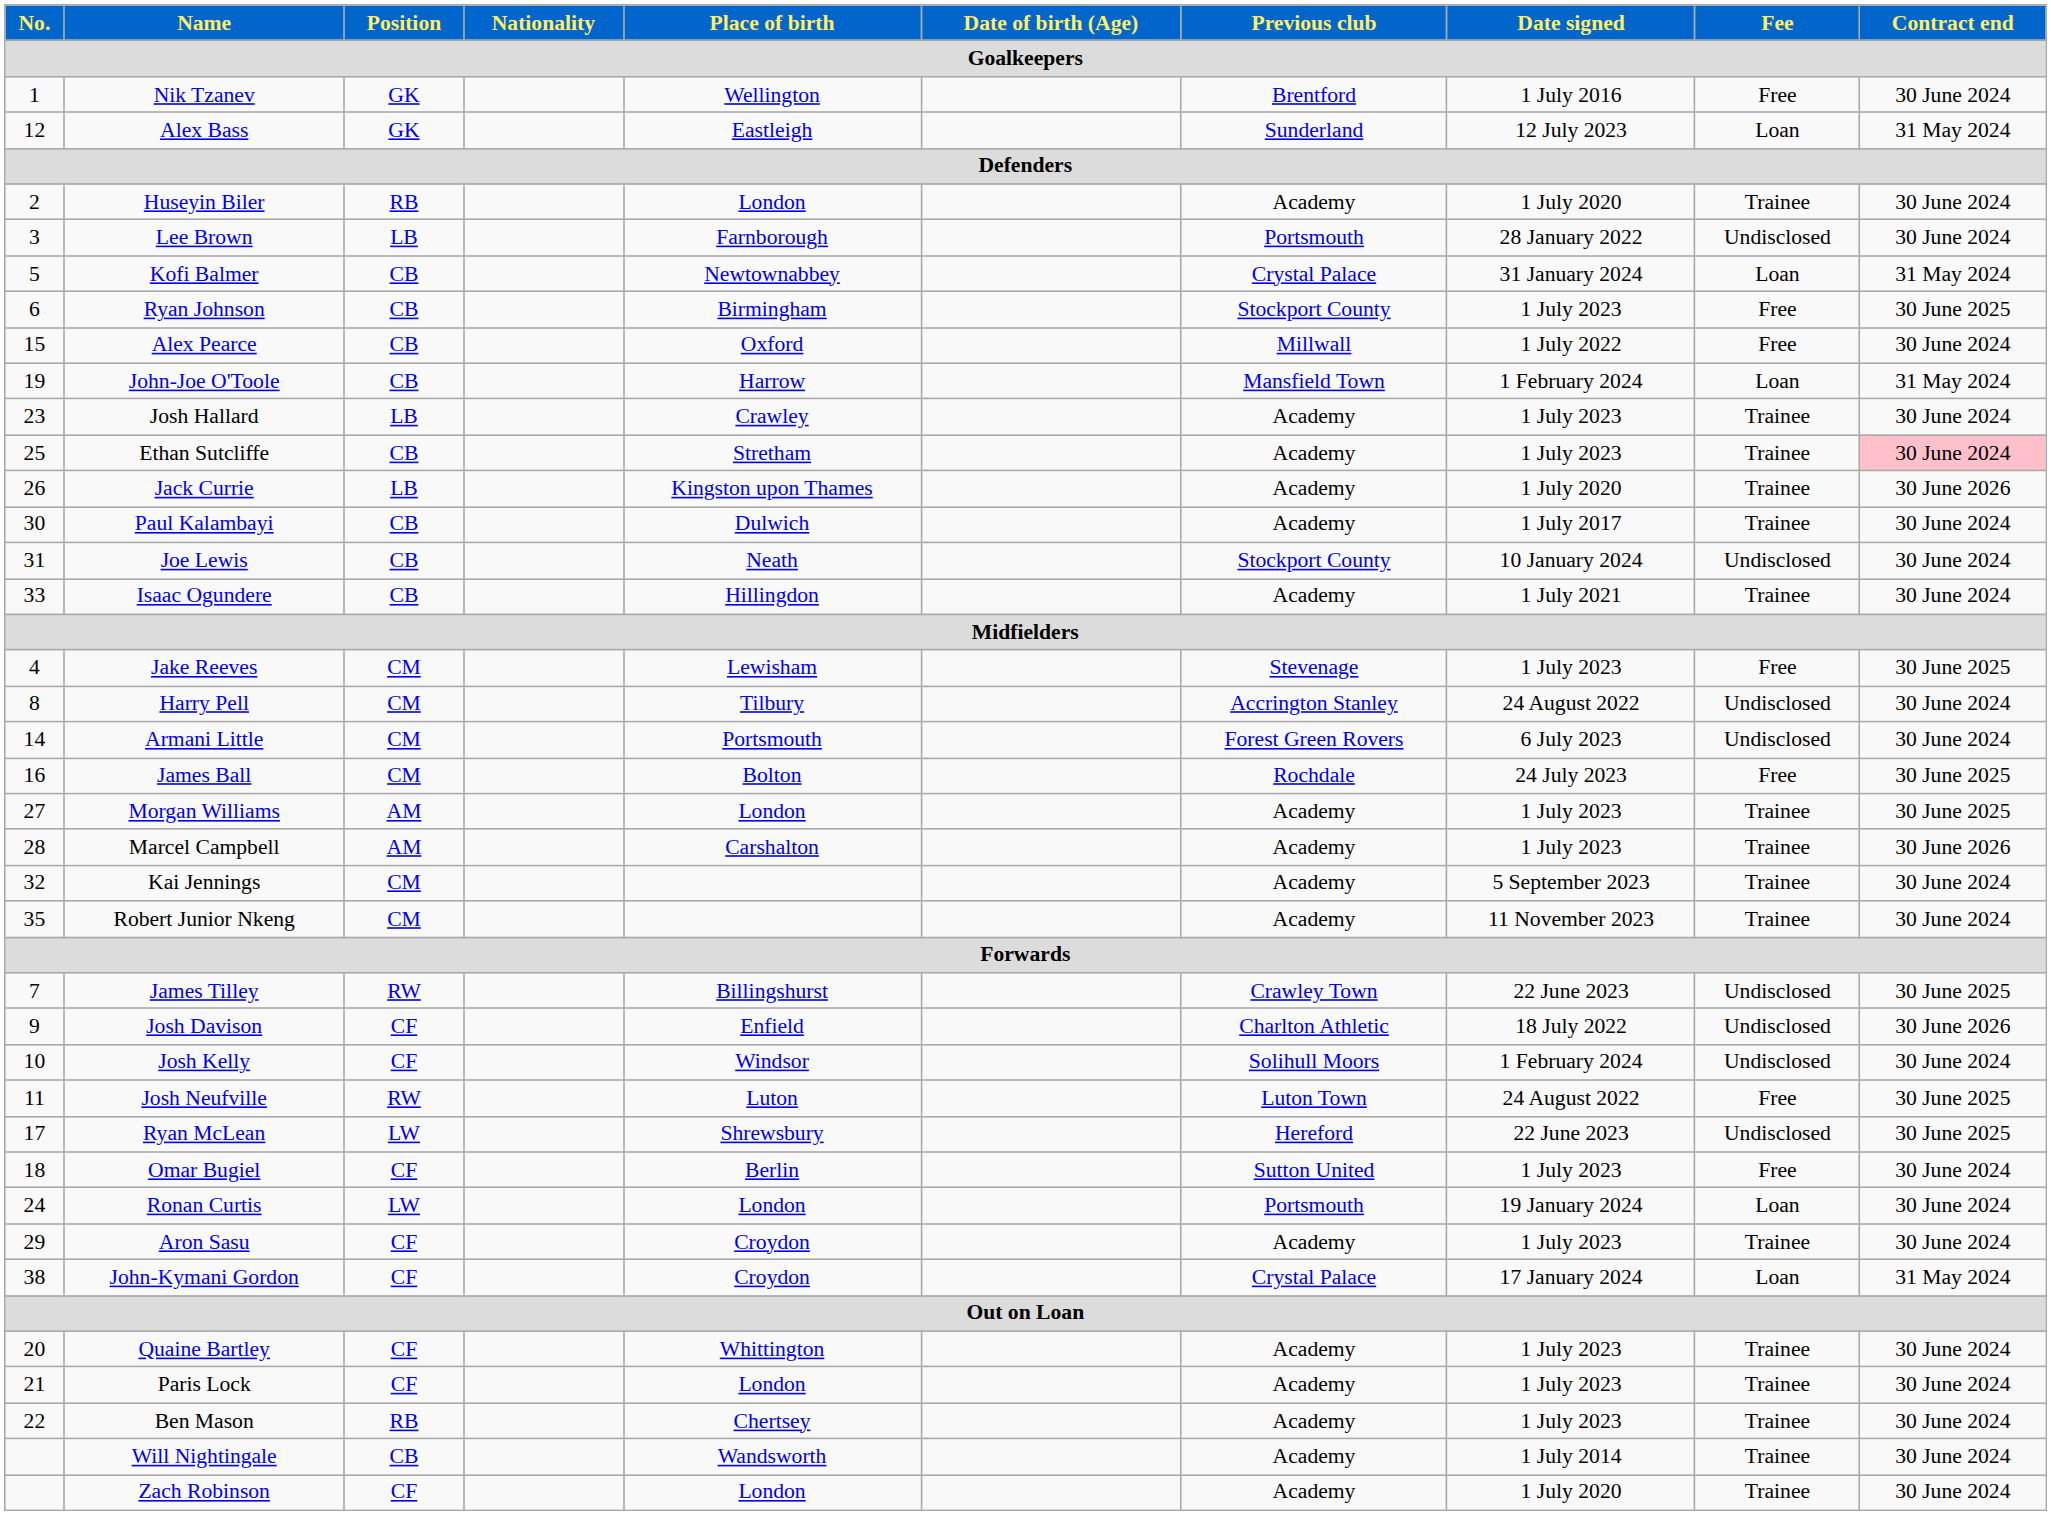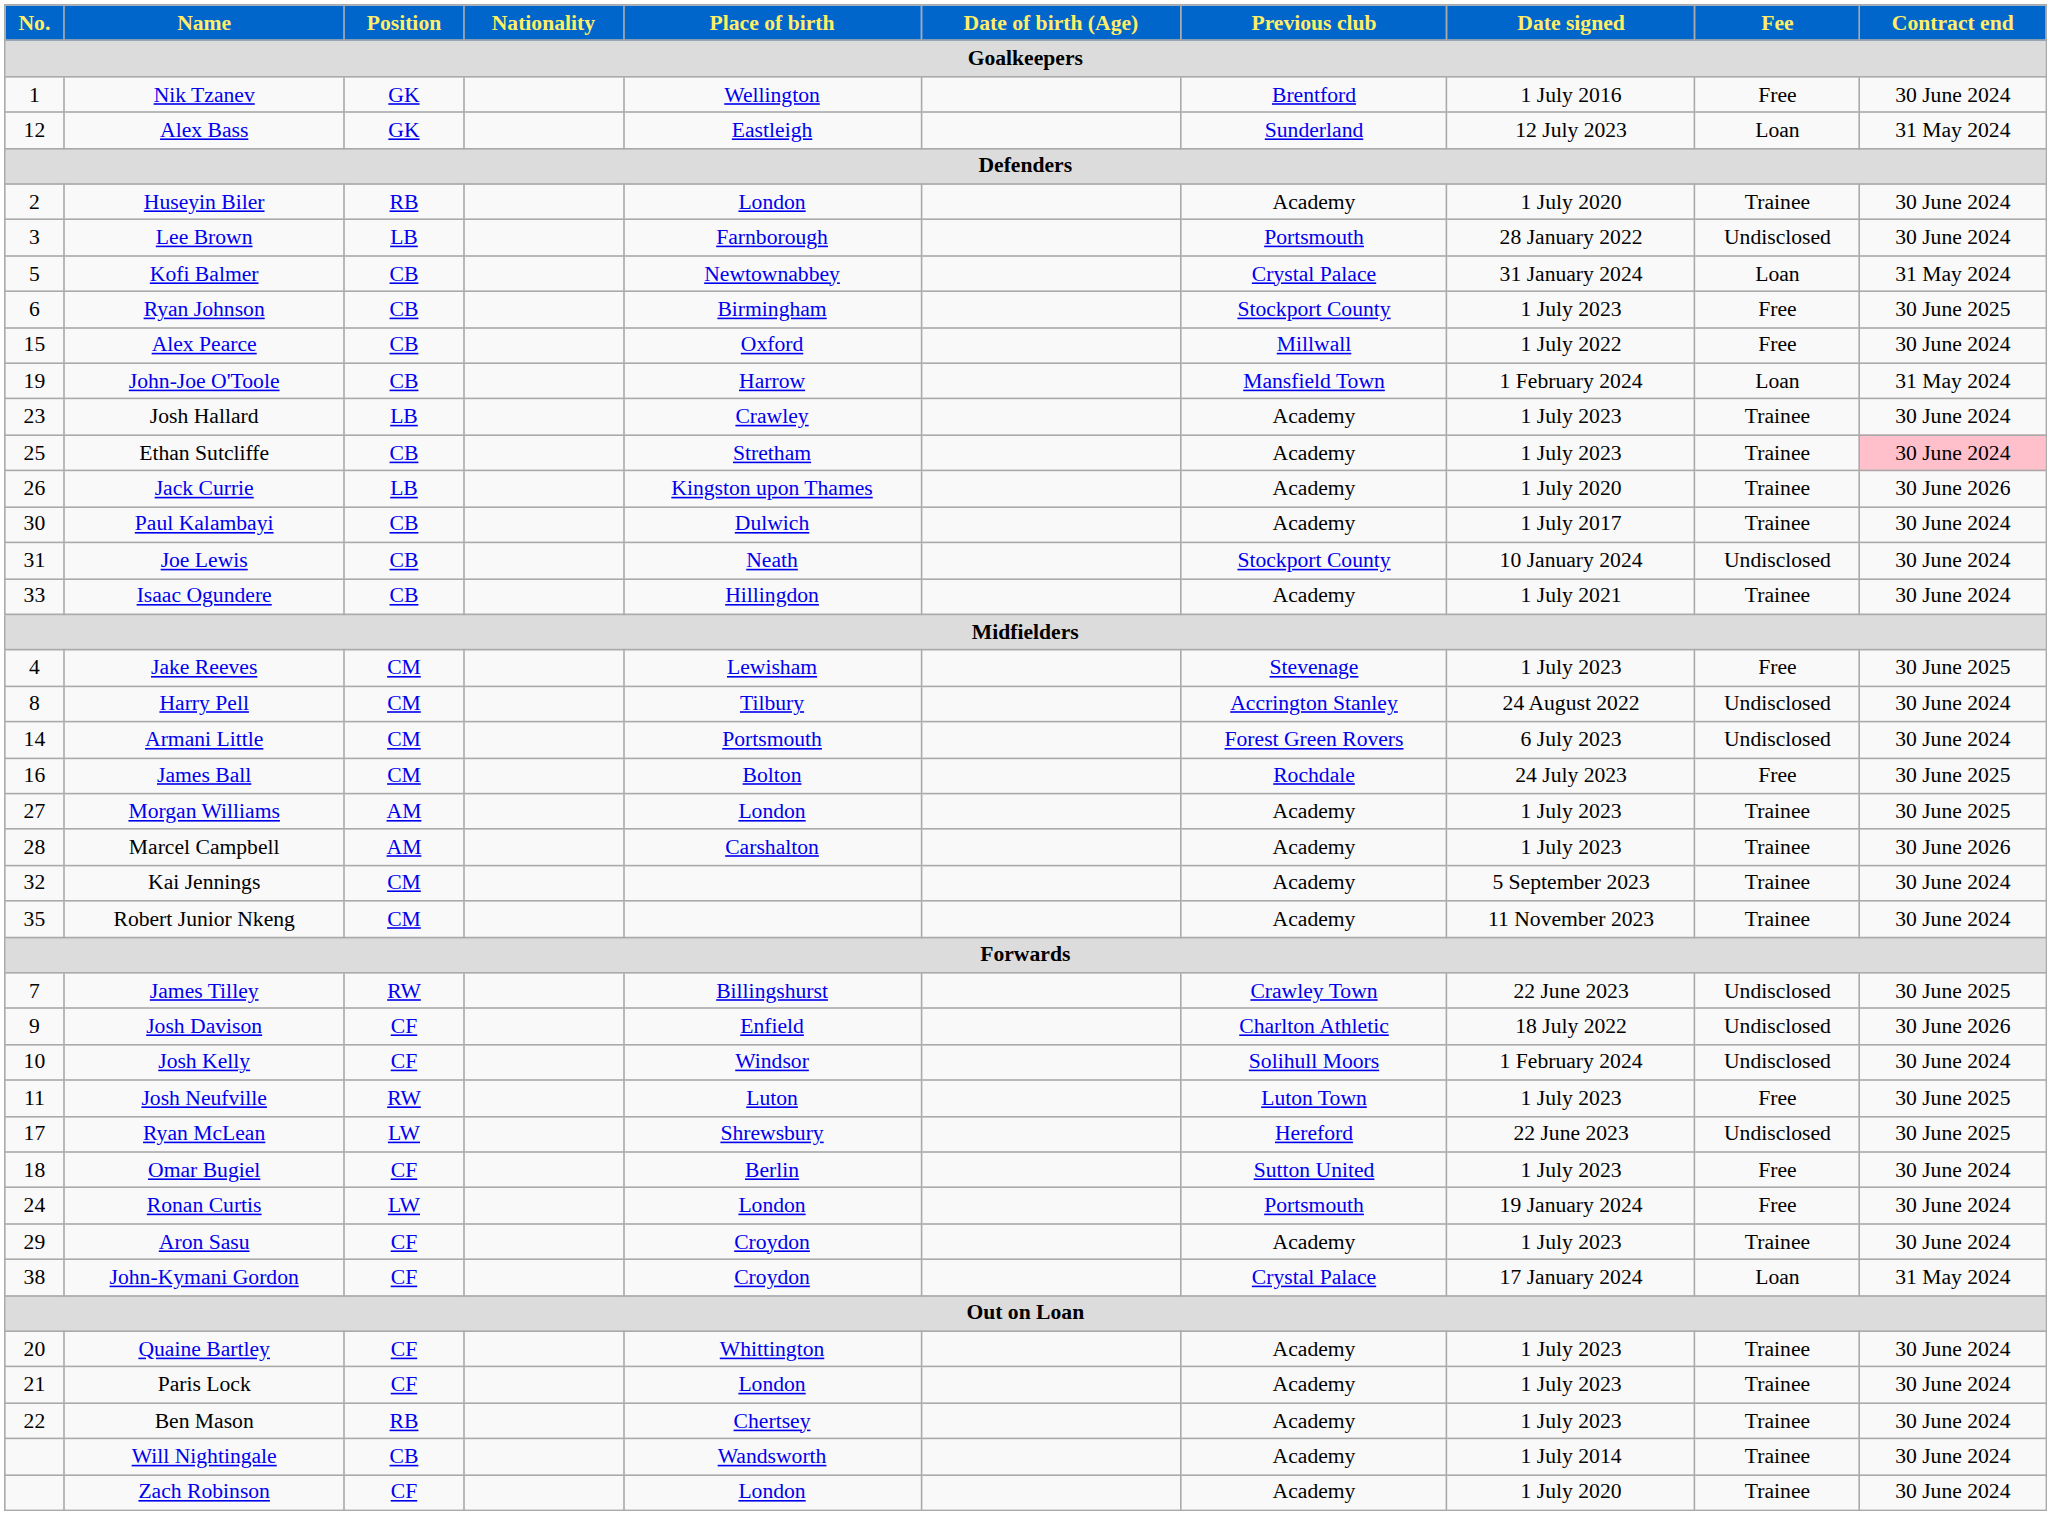 <table class="wikitable" style="text-align:center; font-size:84.5%; width:101%;">
 <tr>
 <th style="background:#0066cb; color:#fe6; text-align:center;">No.</th>
 <th style="background:#0066cb; color:#fe6; text-align:center;">Name</th>
 <th style="background:#0066cb; color:#fe6; text-align:center;">Position</th>
 <th style="background:#0066cb; color:#fe6; text-align:center;">Nationality</th>
 <th style="background:#0066cb; color:#fe6; text-align:center;">Place of birth</th>
 <th style="background:#0066cb; color:#fe6; text-align:center;">Date of birth (Age)</th>
 <th style="background:#0066cb; color:#fe6; text-align:center;">Previous club</th>
 <th style="background:#0066cb; color:#fe6; text-align:center;">Date signed</th>
 <th style="background:#0066cb; color:#fe6; text-align:center;">Fee</th>
 <th style="background:#0066cb; color:#fe6; text-align:center;">Contract end</th>
 </tr>
 <tr>
 <th colspan="14" style="background:#dcdcdc; tepxt-align:center;">Goalkeepers</th>
 </tr>
 <tr>
 <td>1</td>
 <td><a href='#'>Nik Tzanev</a></td>
 <td><a href='#'>GK</a></td>
 <td></td>
 <td><a href='#'>Wellington</a></td>
 <td></td>
 <td><a href='#'>Brentford</a></td>
 <td>1 July 2016</td>
 <td>Free</td>
 <td>30 June 2024</td>
 </tr>
 <tr>
 <td>12</td>
 <td><a href='#'>Alex Bass</a></td>
 <td><a href='#'>GK</a></td>
 <td></td>
 <td><a href='#'>Eastleigh</a></td>
 <td></td>
 <td><a href='#'>Sunderland</a></td>
 <td>12 July 2023</td>
 <td>Loan</td>
 <td>31 May 2024</td>
 </tr>
 <tr>
 <th colspan="14" style="background:#dcdcdc; tepxt-align:center;">Defenders</th>
 </tr>
 <tr>
 <td>2</td>
 <td><a href='#'>Huseyin Biler</a></td>
 <td><a href='#'>RB</a></td>
 <td></td>
 <td><a href='#'>London</a></td>
 <td></td>
 <td>Academy</td>
 <td>1 July 2020</td>
 <td>Trainee</td>
 <td>30 June 2024</td>
 </tr>
 <tr>
 <td>3</td>
 <td><a href='#'>Lee Brown</a></td>
 <td><a href='#'>LB</a></td>
 <td></td>
 <td><a href='#'>Farnborough</a></td>
 <td></td>
 <td><a href='#'>Portsmouth</a></td>
 <td>28 January 2022</td>
 <td>Undisclosed</td>
 <td>30 June 2024</td>
 </tr>
 <tr>
 <td>5</td>
 <td><a href='#'>Kofi Balmer</a></td>
 <td><a href='#'>CB</a></td>
 <td></td>
 <td><a href='#'>Newtownabbey</a></td>
 <td></td>
 <td><a href='#'>Crystal Palace</a></td>
 <td>31 January 2024</td>
 <td>Loan</td>
 <td>31 May 2024</td>
 </tr>
 <tr>
 <td>6</td>
 <td><a href='#'>Ryan Johnson</a></td>
 <td><a href='#'>CB</a></td>
 <td></td>
 <td> <a href='#'>Birmingham</a></td>
 <td></td>
 <td><a href='#'>Stockport County</a></td>
 <td>1 July 2023</td>
 <td>Free</td>
 <td>30 June 2025</td>
 </tr>
 <tr>
 <td>15</td>
 <td><a href='#'>Alex Pearce</a></td>
 <td><a href='#'>CB</a></td>
 <td></td>
 <td> <a href='#'>Oxford</a></td>
 <td></td>
 <td><a href='#'>Millwall</a></td>
 <td>1 July 2022</td>
 <td>Free</td>
 <td>30 June 2024</td>
 </tr>
 <tr>
 <td>19</td>
 <td><a href='#'>John-Joe O'Toole</a></td>
 <td><a href='#'>CB</a></td>
 <td></td>
 <td> <a href='#'>Harrow</a></td>
 <td></td>
 <td><a href='#'>Mansfield Town</a></td>
 <td>1 February 2024</td>
 <td>Loan</td>
 <td>31 May 2024</td>
 </tr>
 <tr>
 <td>23</td>
 <td>Josh Hallard</td>
 <td><a href='#'>LB</a></td>
 <td></td>
 <td><a href='#'>Crawley</a></td>
 <td></td>
 <td>Academy</td>
 <td>1 July 2023</td>
 <td>Trainee</td>
 <td>30 June 2024</td>
 </tr>
 <tr>
 <td>25</td>
 <td>Ethan Sutcliffe</td>
 <td><a href='#'>CB</a></td>
 <td></td>
 <td><a href='#'>Stretham</a></td>
 <td></td>
 <td>Academy</td>
 <td>1 July 2023</td>
 <td>Trainee</td>
 <td style="background: pink;">30 June 2024</td>
 </tr>
 <tr>
 <td>26</td>
 <td><a href='#'>Jack Currie</a></td>
 <td><a href='#'>LB</a></td>
 <td></td>
 <td><a href='#'>Kingston upon Thames</a></td>
 <td></td>
 <td>Academy</td>
 <td>1 July 2020</td>
 <td>Trainee</td>
 <td>30 June 2026</td>
 </tr>
 <tr>
 <td>30</td>
 <td><a href='#'>Paul Kalambayi</a></td>
 <td><a href='#'>CB</a></td>
 <td></td>
 <td><a href='#'>Dulwich</a></td>
 <td></td>
 <td>Academy</td>
 <td>1 July 2017</td>
 <td>Trainee</td>
 <td>30 June 2024</td>
 </tr>
 <tr>
 <td>31</td>
 <td><a href='#'>Joe Lewis</a></td>
 <td><a href='#'>CB</a></td>
 <td></td>
 <td><a href='#'>Neath</a></td>
 <td></td>
 <td><a href='#'>Stockport County</a></td>
 <td>10 January 2024</td>
 <td>Undisclosed</td>
 <td>30 June 2024</td>
 </tr>
 <tr>
 <td>33</td>
 <td><a href='#'>Isaac Ogundere</a></td>
 <td><a href='#'>CB</a></td>
 <td></td>
 <td><a href='#'>Hillingdon</a></td>
 <td></td>
 <td>Academy</td>
 <td>1 July 2021</td>
 <td>Trainee</td>
 <td>30 June 2024</td>
 </tr>
 <tr>
 <th colspan="14" style="background:#dcdcdc; tepxt-align:center;">Midfielders</th>
 </tr>
 <tr>
 <td>4</td>
 <td><a href='#'>Jake Reeves</a></td>
 <td><a href='#'>CM</a></td>
 <td></td>
 <td><a href='#'>Lewisham</a></td>
 <td></td>
 <td><a href='#'>Stevenage</a></td>
 <td>1 July 2023</td>
 <td>Free</td>
 <td>30 June 2025</td>
 </tr>
 <tr>
 <td>8</td>
 <td><a href='#'>Harry Pell</a></td>
 <td><a href='#'>CM</a></td>
 <td></td>
 <td><a href='#'>Tilbury</a></td>
 <td></td>
 <td><a href='#'>Accrington Stanley</a></td>
 <td>24 August 2022</td>
 <td>Undisclosed</td>
 <td>30 June 2024</td>
 </tr>
 <tr>
 <td>14</td>
 <td><a href='#'>Armani Little</a></td>
 <td><a href='#'>CM</a></td>
 <td></td>
 <td><a href='#'>Portsmouth</a></td>
 <td></td>
 <td><a href='#'>Forest Green Rovers</a></td>
 <td>6 July 2023</td>
 <td>Undisclosed</td>
 <td>30 June 2024</td>
 </tr>
 <tr>
 <td>16</td>
 <td><a href='#'>James Ball</a></td>
 <td><a href='#'>CM</a></td>
 <td></td>
 <td><a href='#'>Bolton</a></td>
 <td></td>
 <td><a href='#'>Rochdale</a></td>
 <td>24 July 2023</td>
 <td>Free</td>
 <td>30 June 2025</td>
 </tr>
 <tr>
 <td>27</td>
 <td><a href='#'>Morgan Williams</a></td>
 <td><a href='#'>AM</a></td>
 <td></td>
 <td> <a href='#'>London</a></td>
 <td></td>
 <td>Academy</td>
 <td>1 July 2023</td>
 <td>Trainee</td>
 <td>30 June 2025</td>
 </tr>
 <tr>
 <td>28</td>
 <td>Marcel Campbell</td>
 <td><a href='#'>AM</a></td>
 <td></td>
 <td><a href='#'>Carshalton</a></td>
 <td></td>
 <td>Academy</td>
 <td>1 July 2023</td>
 <td>Trainee</td>
 <td>30 June 2026</td>
 </tr>
 <tr>
 <td>32</td>
 <td>Kai Jennings</td>
 <td><a href='#'>CM</a></td>
 <td></td>
 <td></td>
 <td></td>
 <td>Academy</td>
 <td>5 September 2023</td>
 <td>Trainee</td>
 <td>30 June 2024</td>
 </tr>
 <tr>
 <td>35</td>
 <td>Robert Junior Nkeng</td>
 <td><a href='#'>CM</a></td>
 <td></td>
 <td></td>
 <td></td>
 <td>Academy</td>
 <td>11 November 2023</td>
 <td>Trainee</td>
 <td>30 June 2024</td>
 </tr>
 <tr>
 <th colspan="14" style="background:#dcdcdc; tepxt-align:center;">Forwards</th>
 </tr>
 <tr>
 <td>7</td>
 <td><a href='#'>James Tilley</a></td>
 <td><a href='#'>RW</a></td>
 <td></td>
 <td><a href='#'>Billingshurst</a></td>
 <td></td>
 <td><a href='#'>Crawley Town</a></td>
 <td>22 June 2023</td>
 <td>Undisclosed</td>
 <td>30 June 2025</td>
 </tr>
 <tr>
 <td>9</td>
 <td><a href='#'>Josh Davison</a></td>
 <td><a href='#'>CF</a></td>
 <td></td>
 <td><a href='#'>Enfield</a></td>
 <td></td>
 <td><a href='#'>Charlton Athletic</a></td>
 <td>18 July 2022</td>
 <td>Undisclosed</td>
 <td>30 June 2026</td>
 </tr>
 <tr>
 <td>10</td>
 <td><a href='#'>Josh Kelly</a></td>
 <td><a href='#'>CF</a></td>
 <td></td>
 <td><a href='#'>Windsor</a></td>
 <td></td>
 <td><a href='#'>Solihull Moors</a></td>
 <td>1 February 2024</td>
 <td>Undisclosed</td>
 <td>30 June 2024</td>
 </tr>
 <tr>
 <td>11</td>
 <td><a href='#'>Josh Neufville</a></td>
 <td><a href='#'>RW</a></td>
 <td></td>
 <td><a href='#'>Luton</a></td>
 <td></td>
 <td><a href='#'>Luton Town</a></td>
-<td>24 August 2022</td>
+<td>1 July 2023</td>
 <td>Free</td>
 <td>30 June 2025</td>
 </tr>
 <tr>
 <td>17</td>
 <td><a href='#'>Ryan McLean</a></td>
 <td><a href='#'>LW</a></td>
 <td></td>
 <td><a href='#'>Shrewsbury</a></td>
 <td></td>
 <td><a href='#'>Hereford</a></td>
 <td>22 June 2023</td>
 <td>Undisclosed</td>
 <td>30 June 2025</td>
 </tr>
 <tr>
 <td>18</td>
 <td><a href='#'>Omar Bugiel</a></td>
 <td><a href='#'>CF</a></td>
 <td></td>
 <td> <a href='#'>Berlin</a></td>
 <td></td>
 <td><a href='#'>Sutton United</a></td>
 <td>1 July 2023</td>
 <td>Free</td>
 <td>30 June 2024</td>
 </tr>
 <tr>
 <td>24</td>
 <td><a href='#'>Ronan Curtis</a></td>
 <td><a href='#'>LW</a></td>
 <td></td>
 <td> <a href='#'>London</a></td>
 <td></td>
 <td><a href='#'>Portsmouth</a></td>
 <td>19 January 2024</td>
-<td>Loan</td>
+<td>Free</td>
 <td>30 June 2024</td>
 </tr>
 <tr>
 <td>29</td>
 <td><a href='#'>Aron Sasu</a></td>
 <td><a href='#'>CF</a></td>
 <td></td>
 <td> <a href='#'>Croydon</a></td>
 <td></td>
 <td>Academy</td>
 <td>1 July 2023</td>
 <td>Trainee</td>
 <td>30 June 2024</td>
 </tr>
 <tr>
 <td>38</td>
 <td><a href='#'>John-Kymani Gordon</a></td>
 <td><a href='#'>CF</a></td>
 <td></td>
 <td><a href='#'>Croydon</a></td>
 <td></td>
 <td><a href='#'>Crystal Palace</a></td>
 <td>17 January 2024</td>
 <td>Loan</td>
 <td>31 May 2024</td>
 </tr>
 <tr>
 <th colspan="14" style="background:#dcdcdc; tepxt-align:center;">Out on Loan</th>
 </tr>
 <tr>
 <td>20</td>
 <td><a href='#'>Quaine Bartley</a></td>
 <td><a href='#'>CF</a></td>
 <td></td>
 <td><a href='#'>Whittington</a></td>
 <td></td>
 <td>Academy</td>
 <td>1 July 2023</td>
 <td>Trainee</td>
 <td>30 June 2024</td>
 </tr>
 <tr>
 <td>21</td>
 <td>Paris Lock</td>
 <td><a href='#'>CF</a></td>
 <td></td>
 <td><a href='#'>London</a></td>
 <td></td>
 <td>Academy</td>
 <td>1 July 2023</td>
 <td>Trainee</td>
 <td>30 June 2024</td>
 </tr>
 <tr>
 <td>22</td>
 <td>Ben Mason</td>
 <td><a href='#'>RB</a></td>
 <td></td>
 <td> <a href='#'>Chertsey</a></td>
 <td></td>
 <td>Academy</td>
 <td>1 July 2023</td>
 <td>Trainee</td>
 <td>30 June 2024</td>
 </tr>
 <tr>
 <td></td>
 <td><a href='#'>Will Nightingale</a></td>
 <td><a href='#'>CB</a></td>
 <td></td>
 <td><a href='#'>Wandsworth</a></td>
 <td></td>
 <td>Academy</td>
 <td>1 July 2014</td>
 <td>Trainee</td>
 <td>30 June 2024</td>
 </tr>
 <tr>
 <td></td>
 <td><a href='#'>Zach Robinson</a></td>
 <td><a href='#'>CF</a></td>
 <td></td>
 <td><a href='#'>London</a></td>
 <td></td>
 <td>Academy</td>
 <td>1 July 2020</td>
 <td>Trainee</td>
 <td>30 June 2024</td>
 </tr>
 </table>
